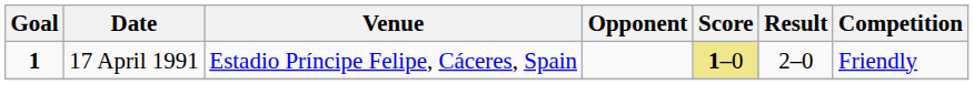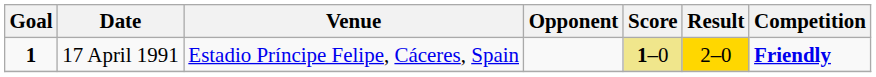 <table class="wikitable">
 <tr>
 <th>Goal</th>
 <th>Date</th>
 <th>Venue</th>
 <th>Opponent</th>
 <th>Score</th>
 <th>Result</th>
 <th>Competition</th>
 </tr>
 <tr>
 <td style="text-align:center;"><strong>1</strong></td>
 <td>17 April 1991</td>
 <td><a href='#'>Estadio Príncipe Felipe</a>, <a href='#'>Cáceres</a>, <a href='#'>Spain</a></td>
 <td></td>
 <td style="background: khaki; text-align:center;"><strong>1</strong>–0</td>
-<td style="text-align:center;">2–0</td>
-<td><a href='#'>Friendly</a></td>
+<td style="background: gold; text-align:center;">2–0</td>
+<td><strong><a href='#'>Friendly</a></strong></td>
 </tr>
 <tr>
 </tr>
 </table>
